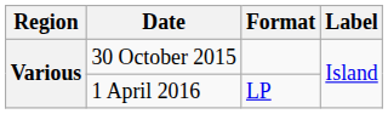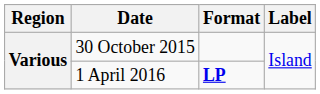 <table class="wikitable plainrowheaders">
 <tr>
 <th scope="col">Region</th>
 <th scope="col">Date</th>
 <th scope="col">Format</th>
 <th scope="col">Label</th>
 </tr>
 <tr>
 <th scope="row" rowspan="2">Various</th>
 <td>30 October 2015</td>
 <td></td>
 <td rowspan="2"><a href='#'>Island</a></td>
 </tr>
 <tr>
 <td>1 April 2016</td>
-<td><a href='#'>LP</a></td>
+<td><strong><a href='#'>LP</a></strong></td>
 </tr>
 </table>
